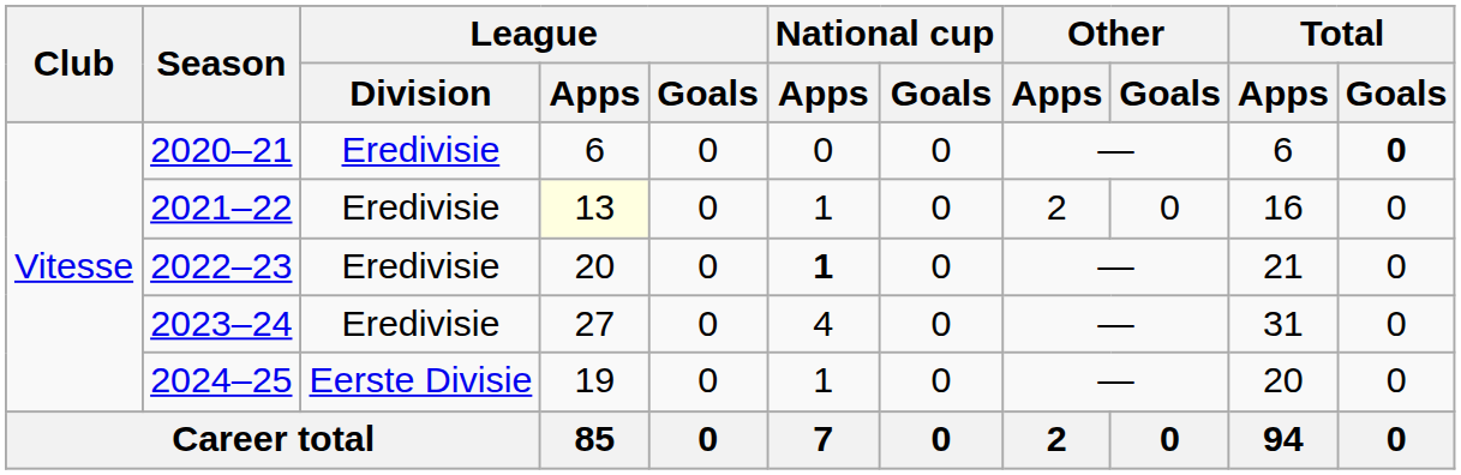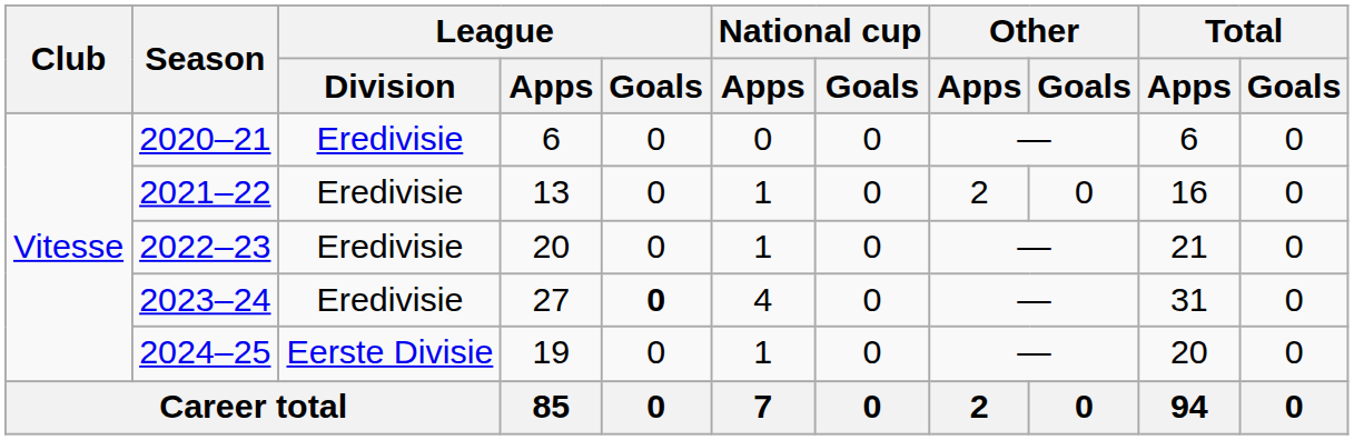 <table class="wikitable" style="text-align:center">
 <tr>
 <th rowspan="2">Club</th>
 <th rowspan="2">Season</th>
 <th colspan="3">League</th>
 <th colspan="2">National cup</th>
 <th colspan="2">Other</th>
 <th colspan="2">Total</th>
 </tr>
 <tr>
 <th>Division</th>
 <th>Apps</th>
 <th>Goals</th>
 <th>Apps</th>
 <th>Goals</th>
 <th>Apps</th>
 <th>Goals</th>
 <th>Apps</th>
 <th>Goals</th>
 </tr>
 <tr>
 <td rowspan="5"><a href='#'>Vitesse</a></td>
 <td><a href='#'>2020–21</a></td>
 <td><a href='#'>Eredivisie</a></td>
 <td>6</td>
 <td>0</td>
 <td>0</td>
 <td>0</td>
 <td colspan="2">—</td>
 <td>6</td>
-<td><strong>0</strong></td>
+<td>0</td>
 </tr>
 <tr>
 <td><a href='#'>2021–22</a></td>
 <td>Eredivisie</td>
-<td style="background: lightyellow;">13</td>
+<td>13</td>
 <td>0</td>
 <td>1</td>
 <td>0</td>
 <td>2</td>
 <td>0</td>
 <td>16</td>
 <td>0</td>
 </tr>
 <tr>
 <td><a href='#'>2022–23</a></td>
 <td>Eredivisie</td>
 <td>20</td>
 <td>0</td>
-<td><strong>1</strong></td>
+<td>1</td>
 <td>0</td>
 <td colspan="2">—</td>
 <td>21</td>
 <td>0</td>
 </tr>
 <tr>
 <td><a href='#'>2023–24</a></td>
 <td>Eredivisie</td>
 <td>27</td>
-<td>0</td>
+<td><strong>0</strong></td>
 <td>4</td>
 <td>0</td>
 <td colspan="2">—</td>
 <td>31</td>
 <td>0</td>
 </tr>
 <tr>
 <td><a href='#'>2024–25</a></td>
 <td><a href='#'>Eerste Divisie</a></td>
 <td>19</td>
 <td>0</td>
 <td>1</td>
 <td>0</td>
 <td colspan="2">—</td>
 <td>20</td>
 <td>0</td>
 </tr>
 <tr>
 <th colspan="3">Career total</th>
 <th>85</th>
 <th>0</th>
 <th>7</th>
 <th>0</th>
 <th>2</th>
 <th>0</th>
 <th>94</th>
 <th>0</th>
 </tr>
 </table>
